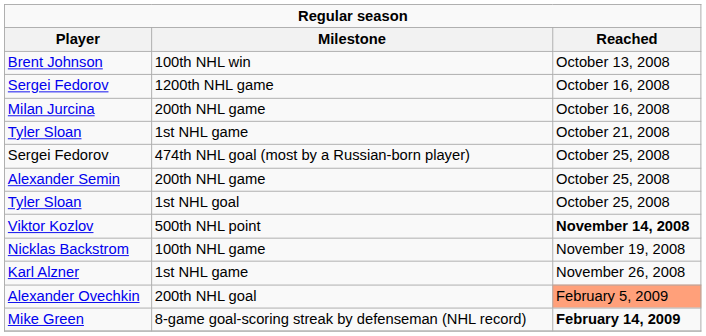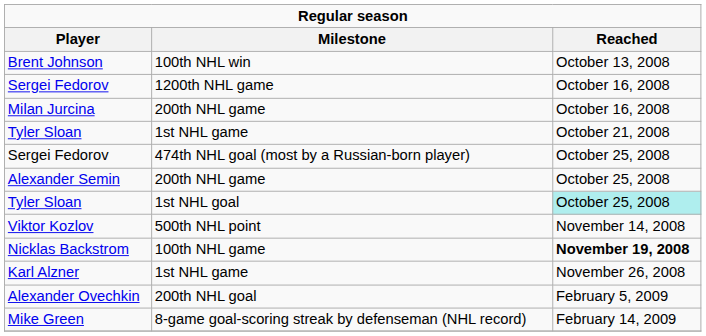 <table class="wikitable" width="60%">
 <tr>
 <td colspan="10" align="center"><strong>Regular season</strong></td>
 </tr>
 <tr>
 <th>Player</th>
 <th>Milestone</th>
 <th>Reached</th>
 </tr>
 <tr>
 <td><a href='#'>Brent Johnson</a></td>
 <td>100th NHL win</td>
 <td>October 13, 2008</td>
 </tr>
 <tr>
 <td><a href='#'>Sergei Fedorov</a></td>
 <td>1200th NHL game</td>
 <td>October 16, 2008</td>
 </tr>
 <tr>
 <td><a href='#'>Milan Jurcina</a></td>
 <td>200th NHL game</td>
 <td>October 16, 2008</td>
 </tr>
 <tr>
 <td><a href='#'>Tyler Sloan</a></td>
 <td>1st NHL game</td>
 <td>October 21, 2008</td>
 </tr>
 <tr>
 <td>Sergei Fedorov</td>
 <td>474th NHL goal (most by a Russian-born player)</td>
 <td>October 25, 2008</td>
 </tr>
 <tr>
 <td><a href='#'>Alexander Semin</a></td>
 <td>200th NHL game</td>
 <td>October 25, 2008</td>
 </tr>
 <tr>
 <td><a href='#'>Tyler Sloan</a></td>
 <td>1st NHL goal</td>
-<td>October 25, 2008</td>
+<td style="background: paleturquoise;">October 25, 2008</td>
 </tr>
 <tr>
 <td><a href='#'>Viktor Kozlov</a></td>
 <td>500th NHL point</td>
-<td><strong>November 14, 2008</strong></td>
+<td>November 14, 2008</td>
 </tr>
 <tr>
 <td><a href='#'>Nicklas Backstrom</a></td>
 <td>100th NHL game</td>
-<td>November 19, 2008</td>
+<td><strong>November 19, 2008</strong></td>
 </tr>
 <tr>
 <td><a href='#'>Karl Alzner</a></td>
 <td>1st NHL game</td>
 <td>November 26, 2008</td>
 </tr>
 <tr>
 <td><a href='#'>Alexander Ovechkin</a></td>
 <td>200th NHL goal</td>
-<td style="background: lightsalmon;">February 5, 2009</td>
+<td>February 5, 2009</td>
 </tr>
 <tr>
 <td><a href='#'>Mike Green</a></td>
 <td>8-game goal-scoring streak by defenseman (NHL record)</td>
-<td><strong>February 14, 2009</strong></td>
+<td>February 14, 2009</td>
 </tr>
 <tr>
 </tr>
 </table>
